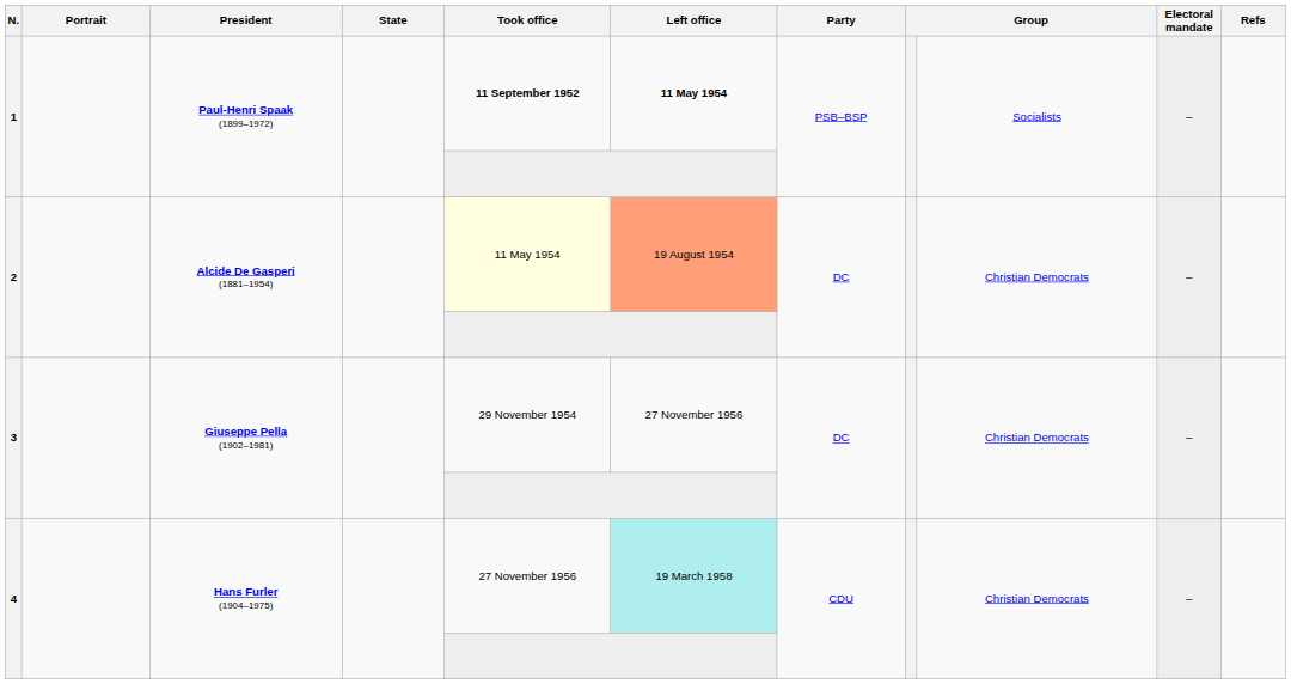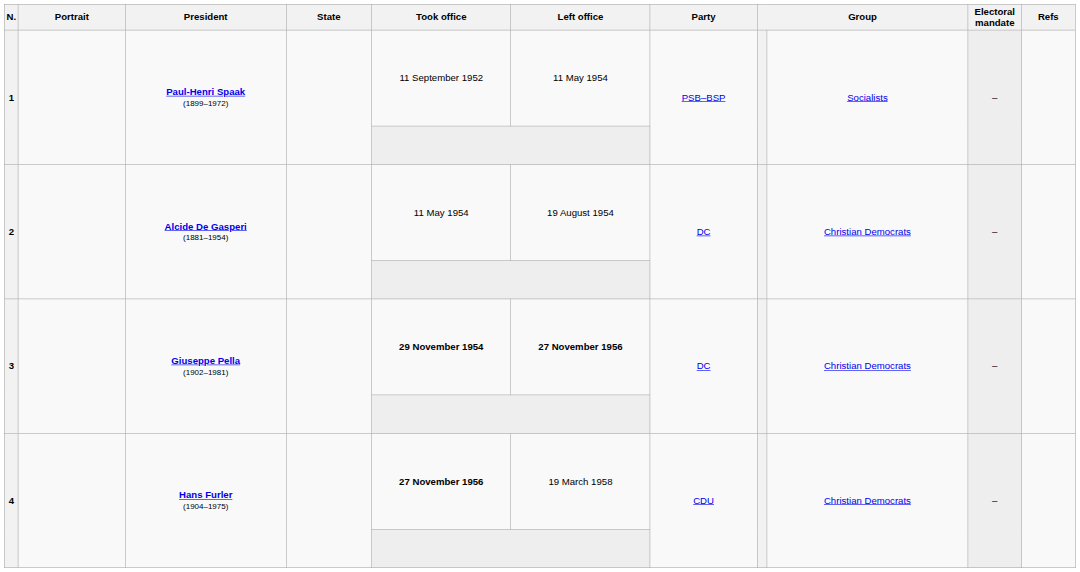 <table class="wikitable" style="text-align:center; style="width=90%">
 <tr>
 <th width=1%>N.</th>
 <th width=10%>Portrait</th>
 <th width=15%>President<br></th>
 <th width=8%>State</th>
 <th width=13%>Took office</th>
 <th width=13%>Left office</th>
 <th width=10%>Party</th>
 <th widht=10% colspan=2>Group</th>
 <th width=5%>Electoral mandate</th>
 <th width=5%>Refs</th>
 </tr>
 <tr style="height:10em;">
 <th rowspan=2>1</th>
 <td rowspan=2></td>
 <td rowspan=2><strong><a href='#'>Paul-Henri Spaak</a></strong><br><small>(1899–1972)</small></td>
 <td rowspan=2></td>
-<td><strong>11 September 1952</strong></td>
-<td><strong>11 May 1954</strong></td>
+<td>11 September 1952</td>
+<td>11 May 1954</td>
 <td rowspan=2><a href='#'>PSB–BSP</a></td>
 <th rowspan=2 style="background:"></th>
 <td rowspan=2><a href='#'>Socialists</a></td>
 <td rowspan=2 bgcolor=#EEEEEE>–</td>
 <td rowspan=2></td>
 </tr>
 <tr style="height:4em;">
 <td colspan=2 bgcolor=#EEEEEE></td>
 </tr>
 <tr style="height:10em;">
 <th rowspan=2>2</th>
 <td rowspan=2></td>
 <td rowspan=2><strong><a href='#'>Alcide De Gasperi</a></strong><br><small>(1881–1954)</small></td>
 <td rowspan=2></td>
-<td style="background: lightyellow;">11 May 1954</td>
-<td style="background: lightsalmon;">19 August 1954</td>
+<td>11 May 1954</td>
+<td>19 August 1954</td>
 <td rowspan=2><a href='#'>DC</a></td>
 <th rowspan=2 style="background:"></th>
 <td rowspan=2><a href='#'>Christian Democrats</a></td>
 <td rowspan=2 bgcolor=#EEEEEE>–</td>
 <td rowspan=2></td>
 </tr>
 <tr style="height:4em;">
 <td colspan=2 bgcolor=#EEEEEE></td>
 </tr>
 <tr style="height:10em;">
 <th rowspan=2>3</th>
 <td rowspan=2></td>
 <td rowspan=2><strong><a href='#'>Giuseppe Pella</a></strong><br><small>(1902–1981)</small></td>
 <td rowspan=2></td>
-<td>29 November 1954</td>
-<td>27 November 1956</td>
+<td><strong>29 November 1954</strong></td>
+<td><strong>27 November 1956</strong></td>
 <td rowspan=2><a href='#'>DC</a></td>
 <th rowspan=2 style="background:"></th>
 <td rowspan=2><a href='#'>Christian Democrats</a></td>
 <td rowspan=2 bgcolor=#EEEEEE>–</td>
 <td rowspan=2></td>
 </tr>
 <tr style="height:4em;">
 <td colspan=2 bgcolor=#EEEEEE></td>
 </tr>
 <tr style="height:10em;">
 <th rowspan=2>4</th>
 <td rowspan=2></td>
 <td rowspan=2><strong><a href='#'>Hans Furler</a></strong><br><small>(1904–1975)</small></td>
 <td rowspan=2></td>
-<td>27 November 1956</td>
-<td style="background: paleturquoise;">19 March 1958</td>
+<td><strong>27 November 1956</strong></td>
+<td>19 March 1958</td>
 <td rowspan=2><a href='#'>CDU</a></td>
 <th rowspan=2 style="background:"></th>
 <td rowspan=2><a href='#'>Christian Democrats</a></td>
 <td rowspan=2 bgcolor=#EEEEEE>–</td>
 <td rowspan=2></td>
 </tr>
 <tr style="height:4em;">
 <td colspan=2 bgcolor=#EEEEEE></td>
 </tr>
 </table>
